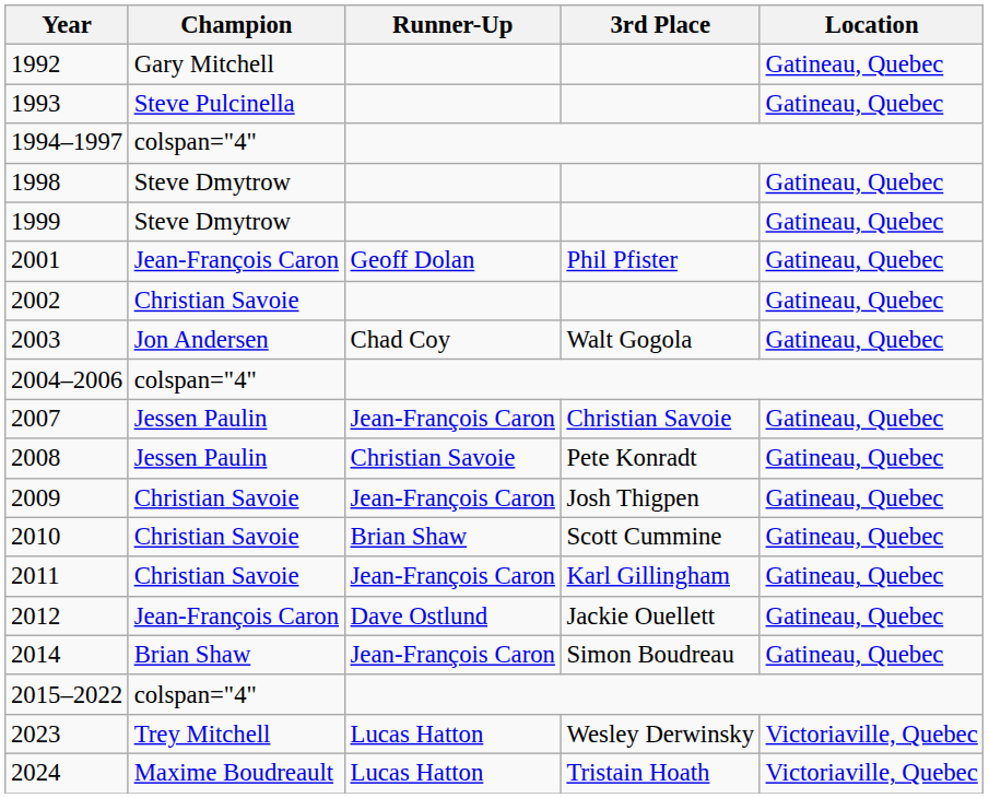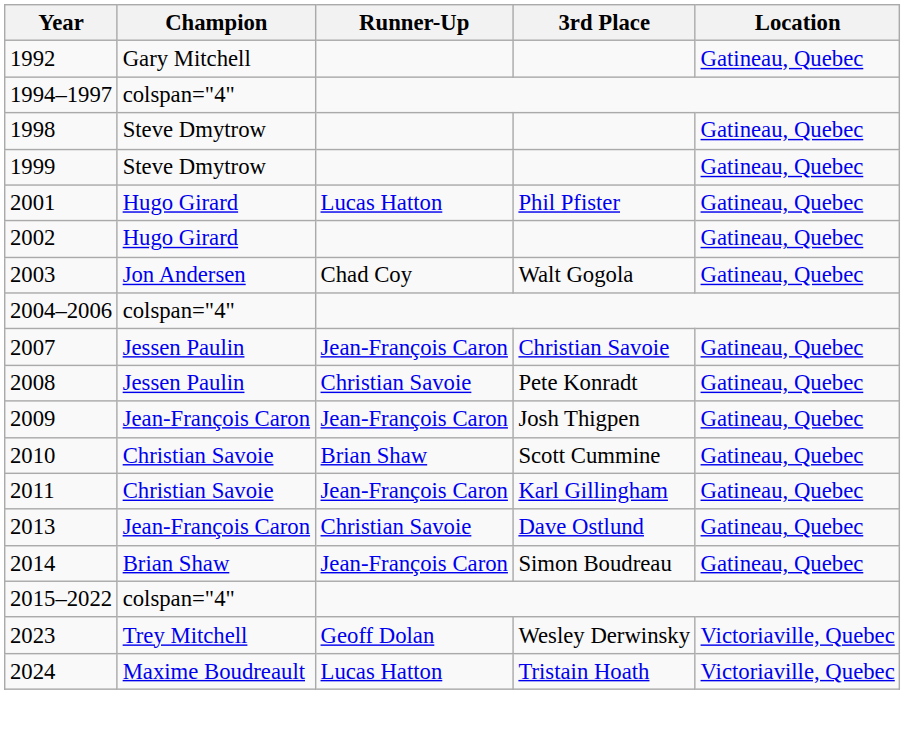 <table class="wikitable">
 <tr>
 <th>Year</th>
 <th>Champion</th>
 <th>Runner-Up</th>
 <th>3rd Place</th>
 <th>Location</th>
 </tr>
 <tr>
 <td>1992</td>
 <td> Gary Mitchell</td>
-<td></td>
-<td></td>
-<td><a href='#'>Gatineau, Quebec</a></td>
-</tr>
-<tr>
-<td>1993</td>
-<td> <a href='#'>Steve Pulcinella</a></td>
 <td></td>
 <td></td>
 <td><a href='#'>Gatineau, Quebec</a></td>
 </tr>
 <tr>
 <td>1994–1997</td>
 <td>colspan="4" </td>
 </tr>
 <tr>
 <td>1998</td>
 <td> Steve Dmytrow</td>
 <td></td>
 <td></td>
 <td><a href='#'>Gatineau, Quebec</a></td>
 </tr>
 <tr>
 <td>1999</td>
 <td> Steve Dmytrow</td>
 <td></td>
 <td></td>
 <td><a href='#'>Gatineau, Quebec</a></td>
 </tr>
 <tr>
 <td>2001</td>
-<td> <a href='#'>Jean-François Caron</a></td>
-<td> <a href='#'>Geoff Dolan</a></td>
+<td> <a href='#'>Hugo Girard</a></td>
+<td> <a href='#'>Lucas Hatton</a></td>
 <td> <a href='#'>Phil Pfister</a></td>
 <td><a href='#'>Gatineau, Quebec</a></td>
 </tr>
 <tr>
 <td>2002</td>
-<td> <a href='#'>Christian Savoie</a></td>
+<td> <a href='#'>Hugo Girard</a></td>
 <td></td>
 <td></td>
 <td><a href='#'>Gatineau, Quebec</a></td>
 </tr>
 <tr>
 <td>2003</td>
 <td> <a href='#'>Jon Andersen</a></td>
 <td> Chad Coy</td>
 <td> Walt Gogola</td>
 <td><a href='#'>Gatineau, Quebec</a></td>
 </tr>
 <tr>
 <td>2004–2006</td>
 <td>colspan="4" </td>
 </tr>
 <tr>
 <td>2007</td>
 <td> <a href='#'>Jessen Paulin</a></td>
 <td> <a href='#'>Jean-François Caron</a></td>
 <td> <a href='#'>Christian Savoie</a></td>
 <td><a href='#'>Gatineau, Quebec</a></td>
 </tr>
 <tr>
 <td>2008</td>
 <td> <a href='#'>Jessen Paulin</a></td>
 <td> <a href='#'>Christian Savoie</a></td>
 <td> Pete Konradt</td>
 <td><a href='#'>Gatineau, Quebec</a></td>
 </tr>
 <tr>
 <td>2009</td>
-<td> <a href='#'>Christian Savoie</a></td>
+<td> <a href='#'>Jean-François Caron</a></td>
 <td> <a href='#'>Jean-François Caron</a></td>
 <td> Josh Thigpen</td>
 <td><a href='#'>Gatineau, Quebec</a></td>
 </tr>
 <tr>
 <td>2010</td>
 <td> <a href='#'>Christian Savoie</a></td>
 <td> <a href='#'>Brian Shaw</a></td>
 <td> Scott Cummine</td>
 <td><a href='#'>Gatineau, Quebec</a></td>
 </tr>
 <tr>
 <td>2011</td>
 <td> <a href='#'>Christian Savoie</a></td>
 <td> <a href='#'>Jean-François Caron</a></td>
 <td> <a href='#'>Karl Gillingham</a></td>
 <td><a href='#'>Gatineau, Quebec</a></td>
 </tr>
 <tr>
-<td>2012</td>
+<td>2013</td>
 <td> <a href='#'>Jean-François Caron</a></td>
+<td> <a href='#'>Christian Savoie</a></td>
 <td> <a href='#'>Dave Ostlund</a></td>
-<td> Jackie Ouellett</td>
 <td><a href='#'>Gatineau, Quebec</a></td>
 </tr>
 <tr>
 <td>2014</td>
 <td> <a href='#'>Brian Shaw</a></td>
 <td> <a href='#'>Jean-François Caron</a></td>
 <td> Simon Boudreau</td>
 <td><a href='#'>Gatineau, Quebec</a></td>
 </tr>
 <tr>
 <td>2015–2022</td>
 <td>colspan="4" </td>
 </tr>
 <tr>
 <td>2023</td>
 <td> <a href='#'>Trey Mitchell</a></td>
-<td> <a href='#'>Lucas Hatton</a></td>
+<td> <a href='#'>Geoff Dolan</a></td>
 <td> Wesley Derwinsky</td>
 <td><a href='#'>Victoriaville, Quebec</a></td>
 </tr>
 <tr>
 <td>2024</td>
 <td> <a href='#'>Maxime Boudreault</a></td>
 <td> <a href='#'>Lucas Hatton</a></td>
 <td> <a href='#'>Tristain Hoath</a></td>
 <td><a href='#'>Victoriaville, Quebec</a></td>
 </tr>
 </table>
